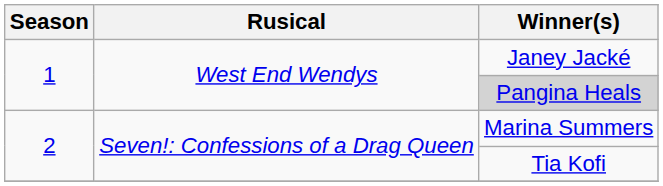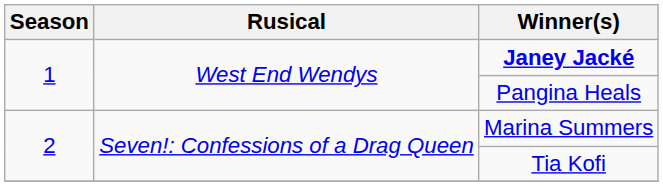 <table class="wikitable sortable" style="text-align:center">
 <tr>
 <th>Season</th>
 <th>Rusical</th>
 <th>Winner(s)</th>
 </tr>
 <tr>
 <td rowspan="2"><a href='#'>1</a></td>
 <td rowspan="2"><em><a href='#'>West End Wendys</a></em></td>
-<td><a href='#'>Janey Jacké</a></td>
+<td><strong><a href='#'>Janey Jacké</a></strong></td>
 </tr>
 <tr>
-<td style="background: lightgrey;"><a href='#'>Pangina Heals</a></td>
+<td><a href='#'>Pangina Heals</a></td>
 </tr>
 <tr>
 <td rowspan="2"><a href='#'>2</a></td>
 <td rowspan="2" nowrap><em><a href='#'>Seven!: Confessions of a Drag Queen</a></em></td>
 <td nowrap><a href='#'>Marina Summers</a></td>
 </tr>
 <tr>
 <td><a href='#'>Tia Kofi</a></td>
 </tr>
 <tr>
 </tr>
 </table>
